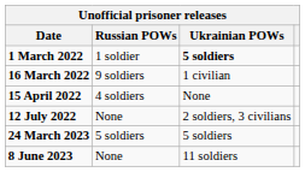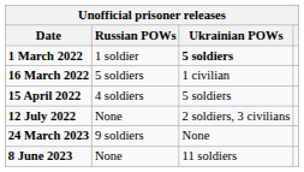 <table class="wikitable plainrowheaders">
 <tr>
 <th colspan="5">Unofficial prisoner releases</th>
 </tr>
 <tr>
 <th scope="col">Date</th>
 <th scope="col">Russian POWs</th>
 <th scope="col">Ukrainian POWs</th>
 <th scope="col" ! class="unsortable"></th>
 </tr>
 <tr>
 <td><strong>1 March 2022</strong></td>
 <td>1 soldier</td>
 <td><strong>5 soldiers</strong></td>
 <td></td>
 </tr>
 <tr>
 <td><strong>16 March 2022</strong></td>
-<td>9 soldiers</td>
+<td>5 soldiers</td>
 <td>1 civilian</td>
 <td></td>
 </tr>
 <tr>
 <td><strong>15 April 2022</strong></td>
 <td>4 soldiers</td>
-<td>None</td>
+<td>5 soldiers</td>
 <td></td>
 </tr>
 <tr>
 <td><strong>12 July 2022</strong></td>
 <td>None</td>
 <td>2 soldiers, 3 civilians</td>
 <td></td>
 </tr>
 <tr>
 <td><strong>24 March 2023</strong></td>
-<td>5 soldiers</td>
-<td>5 soldiers</td>
+<td>9 soldiers</td>
+<td>None</td>
 <td></td>
 </tr>
 <tr>
 <td><strong>8 June 2023</strong></td>
 <td>None</td>
 <td>11 soldiers</td>
 <td></td>
 </tr>
 </table>
